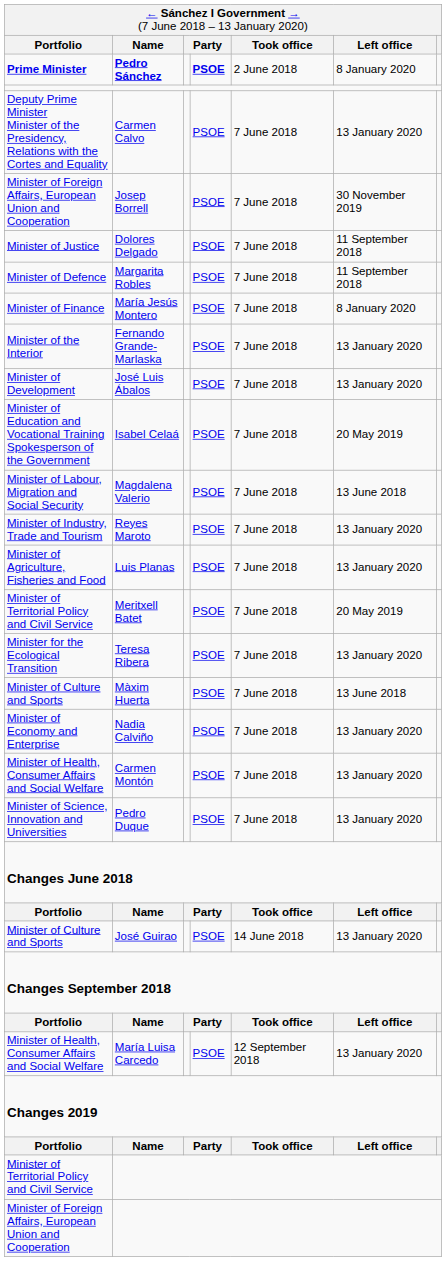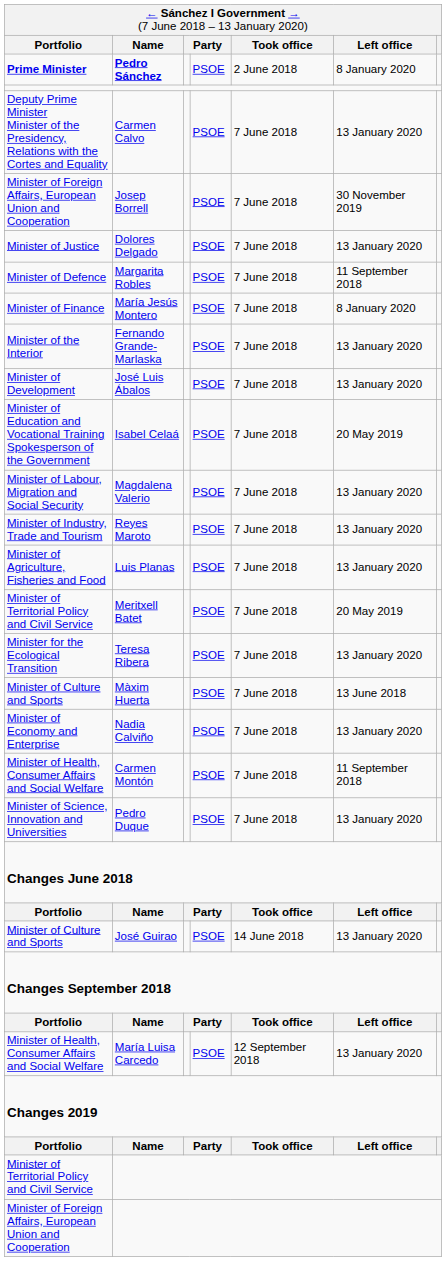 <table class="wikitable">
 <tr>
 <td colspan="7" bgcolor="#F2F2F2" align="center"><a href='#'>←</a> <strong>Sánchez I Government</strong> <a href='#'>→</a><br>(7 June 2018 – 13 January 2020)</td>
 </tr>
 <tr>
 <th>Portfolio</th>
 <th>Name</th>
 <th width="100px" colspan="2">Party</th>
 <th width="135px">Took office</th>
 <th width="135px">Left office</th>
 <th></th>
 </tr>
 <tr>
 <td><strong><a href='#'>Prime Minister</a></strong></td>
 <td><strong><a href='#'>Pedro Sánchez</a></strong></td>
 <td width="1" style="background-color:"></td>
-<td><strong><a href='#'>PSOE</a></strong></td>
+<td><a href='#'>PSOE</a></td>
 <td>2 June 2018</td>
 <td>8 January 2020</td>
 <td align="center"></td>
 </tr>
 <tr>
 <td colspan="7"></td>
 </tr>
 <tr>
 <td><a href='#'>Deputy Prime Minister</a><br><a href='#'>Minister of the Presidency, Relations with the Cortes and Equality</a></td>
 <td><a href='#'>Carmen Calvo</a></td>
 <td style="background-color:"></td>
 <td><a href='#'>PSOE</a></td>
 <td>7 June 2018</td>
 <td>13 January 2020</td>
 <td align="center"><br></td>
 </tr>
 <tr>
 <td><a href='#'>Minister of Foreign Affairs, European Union and Cooperation</a></td>
 <td><a href='#'>Josep Borrell</a></td>
 <td style="background-color:"></td>
 <td><a href='#'>PSOE</a></td>
 <td>7 June 2018</td>
 <td>30 November 2019</td>
 <td align="center"></td>
 </tr>
 <tr>
 <td><a href='#'>Minister of Justice</a></td>
 <td><a href='#'>Dolores Delgado</a></td>
 <td style="background-color:"></td>
 <td><a href='#'>PSOE</a> </td>
 <td>7 June 2018</td>
-<td>11 September 2018</td>
+<td>13 January 2020</td>
 <td align="center"></td>
 </tr>
 <tr>
 <td><a href='#'>Minister of Defence</a></td>
 <td><a href='#'>Margarita Robles</a></td>
 <td style="background-color:"></td>
 <td><a href='#'>PSOE</a> </td>
 <td>7 June 2018</td>
 <td>11 September 2018</td>
 <td align="center"></td>
 </tr>
 <tr>
 <td><a href='#'>Minister of Finance</a></td>
 <td><a href='#'>María Jesús Montero</a></td>
 <td style="background-color:"></td>
 <td><a href='#'>PSOE</a></td>
 <td>7 June 2018</td>
 <td>8 January 2020</td>
 <td align="center"></td>
 </tr>
 <tr>
 <td><a href='#'>Minister of the Interior</a></td>
 <td><a href='#'>Fernando Grande-Marlaska</a></td>
 <td style="background-color:"></td>
 <td><a href='#'>PSOE</a> </td>
 <td>7 June 2018</td>
 <td>13 January 2020</td>
 <td align="center"></td>
 </tr>
 <tr>
 <td><a href='#'>Minister of Development</a></td>
 <td><a href='#'>José Luis Ábalos</a></td>
 <td style="background-color:"></td>
 <td><a href='#'>PSOE</a></td>
 <td>7 June 2018</td>
 <td>13 January 2020</td>
 <td align="center"></td>
 </tr>
 <tr>
 <td><a href='#'>Minister of Education and Vocational Training</a><br><a href='#'>Spokesperson of the Government</a></td>
 <td><a href='#'>Isabel Celaá</a></td>
 <td style="background-color:"></td>
 <td><a href='#'>PSOE</a></td>
 <td>7 June 2018</td>
 <td>20 May 2019</td>
 <td align="center"><br></td>
 </tr>
 <tr>
 <td><a href='#'>Minister of Labour, Migration and Social Security</a></td>
 <td><a href='#'>Magdalena Valerio</a></td>
 <td style="background-color:"></td>
 <td><a href='#'>PSOE</a></td>
 <td>7 June 2018</td>
-<td>13 June 2018</td>
+<td>13 January 2020</td>
 <td align="center"></td>
 </tr>
 <tr>
 <td><a href='#'>Minister of Industry, Trade and Tourism</a></td>
 <td><a href='#'>Reyes Maroto</a></td>
 <td style="background-color:"></td>
 <td><a href='#'>PSOE</a></td>
 <td>7 June 2018</td>
 <td>13 January 2020</td>
 <td align="center"></td>
 </tr>
 <tr>
 <td><a href='#'>Minister of Agriculture, Fisheries and Food</a></td>
 <td><a href='#'>Luis Planas</a></td>
 <td style="background-color:"></td>
 <td><a href='#'>PSOE</a></td>
 <td>7 June 2018</td>
 <td>13 January 2020</td>
 <td align="center"></td>
 </tr>
 <tr>
 <td><a href='#'>Minister of Territorial Policy and Civil Service</a></td>
 <td><a href='#'>Meritxell Batet</a></td>
 <td style="background-color:"></td>
 <td><a href='#'>PSOE</a> </td>
 <td>7 June 2018</td>
 <td>20 May 2019</td>
 <td align="center"></td>
 </tr>
 <tr>
 <td><a href='#'>Minister for the Ecological Transition</a></td>
 <td><a href='#'>Teresa Ribera</a></td>
 <td style="background-color:"></td>
 <td><a href='#'>PSOE</a></td>
 <td>7 June 2018</td>
 <td>13 January 2020</td>
 <td align="center"></td>
 </tr>
 <tr>
 <td><a href='#'>Minister of Culture and Sports</a></td>
 <td><a href='#'>Màxim Huerta</a></td>
 <td style="background-color:"></td>
 <td><a href='#'>PSOE</a> </td>
 <td>7 June 2018</td>
 <td>13 June 2018</td>
 <td align="center"></td>
 </tr>
 <tr>
 <td><a href='#'>Minister of Economy and Enterprise</a></td>
 <td><a href='#'>Nadia Calviño</a></td>
 <td style="background-color:"></td>
 <td><a href='#'>PSOE</a> </td>
 <td>7 June 2018</td>
 <td>13 January 2020</td>
 <td align="center"></td>
 </tr>
 <tr>
 <td><a href='#'>Minister of Health, Consumer Affairs and Social Welfare</a></td>
 <td><a href='#'>Carmen Montón</a></td>
 <td style="background-color:"></td>
 <td><a href='#'>PSOE</a></td>
 <td>7 June 2018</td>
-<td>13 January 2020</td>
+<td>11 September 2018</td>
 <td align="center"></td>
 </tr>
 <tr>
 <td><a href='#'>Minister of Science, Innovation and Universities</a></td>
 <td><a href='#'>Pedro Duque</a></td>
 <td style="background-color:"></td>
 <td><a href='#'>PSOE</a> </td>
 <td>7 June 2018</td>
 <td>13 January 2020</td>
 <td align="center"></td>
 </tr>
 <tr>
 <td colspan="7"><br><h3>Changes June 2018</h3></td>
 </tr>
 <tr>
 <th>Portfolio</th>
 <th>Name</th>
 <th colspan="2">Party</th>
 <th>Took office</th>
 <th>Left office</th>
 <th></th>
 </tr>
 <tr>
 <td><a href='#'>Minister of Culture and Sports</a></td>
 <td><a href='#'>José Guirao</a></td>
 <td style="background-color:"></td>
 <td><a href='#'>PSOE</a> </td>
 <td>14 June 2018</td>
 <td>13 January 2020</td>
 <td align="center"></td>
 </tr>
 <tr>
 <td colspan="7"><br><h3>Changes September 2018</h3></td>
 </tr>
 <tr>
 <th>Portfolio</th>
 <th>Name</th>
 <th colspan="2">Party</th>
 <th>Took office</th>
 <th>Left office</th>
 <th></th>
 </tr>
 <tr>
 <td><a href='#'>Minister of Health, Consumer Affairs and Social Welfare</a></td>
 <td><a href='#'>María Luisa Carcedo</a></td>
 <td style="background-color:"></td>
 <td><a href='#'>PSOE</a></td>
 <td>12 September 2018</td>
 <td>13 January 2020</td>
 <td align="center"></td>
 </tr>
 <tr>
 <td colspan="7"><br><h3>Changes 2019</h3></td>
 </tr>
 <tr>
 <th>Portfolio</th>
 <th>Name</th>
 <th colspan="2">Party</th>
 <th>Took office</th>
 <th>Left office</th>
 <th></th>
 </tr>
 <tr>
 <td><a href='#'>Minister of Territorial Policy and Civil Service</a></td>
 <td colspan="6"></td>
 </tr>
 <tr>
 <td><a href='#'>Minister of Foreign Affairs, European Union and Cooperation</a></td>
 <td colspan="6"></td>
 </tr>
 </table>
